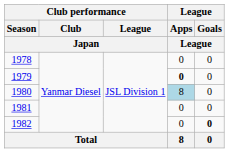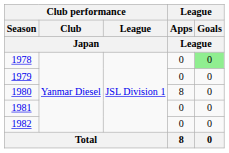 <table class="wikitable" style="text-align:center;">
 <tr>
 <th colspan=3>Club performance</th>
 <th colspan=2>League</th>
 </tr>
 <tr>
 <th>Season</th>
 <th>Club</th>
 <th>League</th>
 <th>Apps</th>
 <th>Goals</th>
 </tr>
 <tr>
 <th colspan=3>Japan</th>
 <th colspan=2>League</th>
 </tr>
 <tr>
 <td><a href='#'>1978</a></td>
 <td rowspan="5"><a href='#'>Yanmar Diesel</a></td>
 <td rowspan="5"><a href='#'>JSL Division 1</a></td>
 <td>0</td>
-<td>0</td>
+<td style="background: lightgreen;">0</td>
 </tr>
 <tr>
 <td><a href='#'>1979</a></td>
-<td><strong>0</strong></td>
+<td>0</td>
 <td>0</td>
 </tr>
 <tr>
 <td><a href='#'>1980</a></td>
-<td style="background: lightblue;">8</td>
+<td>8</td>
 <td>0</td>
 </tr>
 <tr>
 <td><a href='#'>1981</a></td>
 <td>0</td>
 <td>0</td>
 </tr>
 <tr>
 <td><a href='#'>1982</a></td>
 <td>0</td>
-<td><strong>0</strong></td>
+<td>0</td>
 </tr>
 <tr>
 <th colspan=3>Total</th>
 <th>8</th>
 <th>0</th>
 </tr>
 </table>
